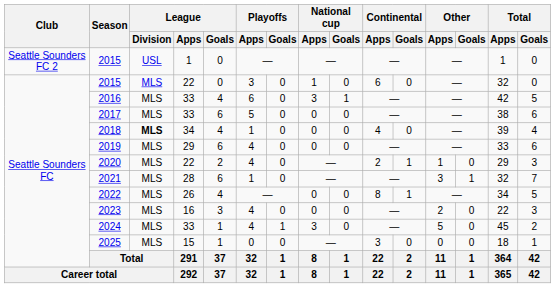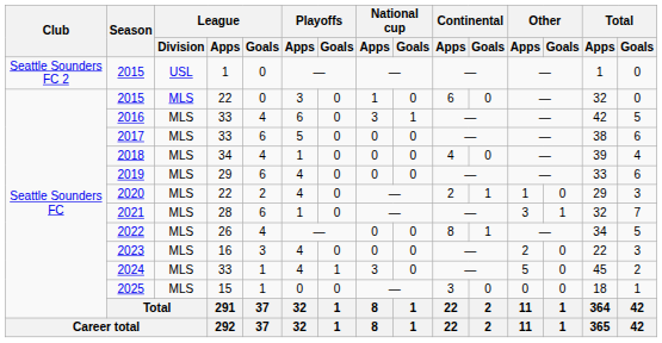 <table class="wikitable" style="text-align:center">
 <tr>
 <th rowspan="2">Club</th>
 <th rowspan="2">Season</th>
 <th colspan="3">League</th>
 <th colspan="2">Playoffs</th>
 <th colspan="2">National cup</th>
 <th colspan="2">Continental</th>
 <th colspan="2">Other</th>
 <th colspan="2">Total</th>
 </tr>
 <tr>
 <th>Division</th>
 <th>Apps</th>
 <th>Goals</th>
 <th>Apps</th>
 <th>Goals</th>
 <th>Apps</th>
 <th>Goals</th>
 <th>Apps</th>
 <th>Goals</th>
 <th>Apps</th>
 <th>Goals</th>
 <th>Apps</th>
 <th>Goals</th>
 </tr>
 <tr>
 <td><a href='#'>Seattle Sounders FC 2</a></td>
 <td><a href='#'>2015</a></td>
 <td><a href='#'>USL</a></td>
 <td>1</td>
 <td>0</td>
 <td colspan="2">—</td>
 <td colspan="2">—</td>
 <td colspan="2">—</td>
 <td colspan="2">—</td>
 <td>1</td>
 <td>0</td>
 </tr>
 <tr>
 <td rowspan="12"><a href='#'>Seattle Sounders FC</a></td>
 <td><a href='#'>2015</a></td>
 <td><a href='#'>MLS</a></td>
 <td>22</td>
 <td>0</td>
 <td>3</td>
 <td>0</td>
 <td>1</td>
 <td>0</td>
 <td>6</td>
 <td>0</td>
 <td colspan="2">—</td>
 <td>32</td>
 <td>0</td>
 </tr>
 <tr>
 <td><a href='#'>2016</a></td>
 <td>MLS</td>
 <td>33</td>
 <td>4</td>
 <td>6</td>
 <td>0</td>
 <td>3</td>
 <td>1</td>
 <td colspan="2">—</td>
 <td colspan="2">—</td>
 <td>42</td>
 <td>5</td>
 </tr>
 <tr>
 <td><a href='#'>2017</a></td>
 <td>MLS</td>
 <td>33</td>
 <td>6</td>
 <td>5</td>
 <td>0</td>
 <td>0</td>
 <td>0</td>
 <td colspan="2">—</td>
 <td colspan="2">—</td>
 <td>38</td>
 <td>6</td>
 </tr>
 <tr>
 <td><a href='#'>2018</a></td>
-<td><strong>MLS</strong></td>
+<td>MLS</td>
 <td>34</td>
 <td>4</td>
 <td>1</td>
 <td>0</td>
 <td>0</td>
 <td>0</td>
 <td>4</td>
 <td>0</td>
 <td colspan="2">—</td>
 <td>39</td>
 <td>4</td>
 </tr>
 <tr>
 <td><a href='#'>2019</a></td>
 <td>MLS</td>
 <td>29</td>
 <td>6</td>
 <td>4</td>
 <td>0</td>
 <td>0</td>
 <td>0</td>
 <td colspan="2">—</td>
 <td colspan="2">—</td>
 <td>33</td>
 <td>6</td>
 </tr>
 <tr>
 <td><a href='#'>2020</a></td>
 <td>MLS</td>
 <td>22</td>
 <td>2</td>
 <td>4</td>
 <td>0</td>
 <td colspan="2">—</td>
 <td>2</td>
 <td>1</td>
 <td>1</td>
 <td>0</td>
 <td>29</td>
 <td>3</td>
 </tr>
 <tr>
 <td><a href='#'>2021</a></td>
 <td>MLS</td>
 <td>28</td>
 <td>6</td>
 <td>1</td>
 <td>0</td>
 <td colspan="2">—</td>
 <td colspan="2">—</td>
 <td>3</td>
 <td>1</td>
 <td>32</td>
 <td>7</td>
 </tr>
 <tr>
 <td><a href='#'>2022</a></td>
 <td>MLS</td>
 <td>26</td>
 <td>4</td>
 <td colspan="2">—</td>
 <td>0</td>
 <td>0</td>
 <td>8</td>
 <td>1</td>
 <td colspan="2">—</td>
 <td>34</td>
 <td>5</td>
 </tr>
 <tr>
 <td><a href='#'>2023</a></td>
 <td>MLS</td>
 <td>16</td>
 <td>3</td>
 <td>4</td>
 <td>0</td>
 <td>0</td>
 <td>0</td>
 <td colspan="2">—</td>
 <td>2</td>
 <td>0</td>
 <td>22</td>
 <td>3</td>
 </tr>
 <tr>
 <td><a href='#'>2024</a></td>
 <td>MLS</td>
 <td>33</td>
 <td>1</td>
 <td>4</td>
 <td>1</td>
 <td>3</td>
 <td>0</td>
 <td colspan="2">—</td>
 <td>5</td>
 <td>0</td>
 <td>45</td>
 <td>2</td>
 </tr>
 <tr>
 <td><a href='#'>2025</a></td>
 <td>MLS</td>
 <td>15</td>
 <td>1</td>
 <td>0</td>
 <td>0</td>
 <td colspan="2">—</td>
 <td>3</td>
 <td>0</td>
 <td>0</td>
 <td>0</td>
 <td>18</td>
 <td>1</td>
 </tr>
 <tr>
 <th colspan="2">Total</th>
 <th>291</th>
 <th>37</th>
 <th>32</th>
 <th>1</th>
 <th>8</th>
 <th>1</th>
 <th>22</th>
 <th>2</th>
 <th>11</th>
 <th>1</th>
 <th>364</th>
 <th>42</th>
 </tr>
 <tr>
 <th colspan="3">Career total</th>
 <th>292</th>
 <th>37</th>
 <th>32</th>
 <th>1</th>
 <th>8</th>
 <th>1</th>
 <th>22</th>
 <th>2</th>
 <th>11</th>
 <th>1</th>
 <th>365</th>
 <th>42</th>
 </tr>
 </table>
